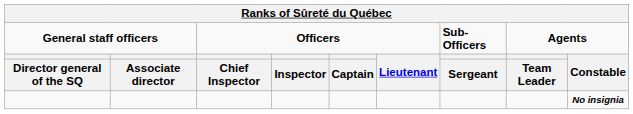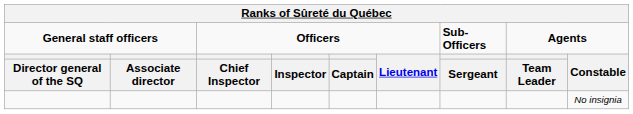 <table class="wikitable">
 <tr>
 <th colspan="9"><u>Ranks of Sûreté du Québec</u></th>
 </tr>
 <tr>
 <td colspan=2 style="text-align:center;"><strong>General staff officers</strong></td>
 <td colspan=4 style="text-align:center;"><strong>Officers</strong></td>
 <td><strong>Sub-Officers</strong></td>
 <td colspan=2 style="text-align:center;"><strong>Agents</strong></td>
 </tr>
 <tr>
 <th><em></em></th>
 <th><em></em></th>
 <th><em></em></th>
 <th><em></em></th>
 <th><em></em></th>
 <th rowspan="2"><a href='#'>Lieutenant</a></th>
 <th><em></em></th>
 <th><em></em></th>
 <th rowspan="2">Constable</th>
 </tr>
 <tr>
 <th>Director general of the SQ</th>
 <th>Associate director</th>
 <th>Chief Inspector</th>
 <th>Inspector</th>
 <th>Captain</th>
 <th>Sergeant</th>
 <th>Team Leader</th>
 </tr>
 <tr style="text-align:center;">
 <td></td>
 <td></td>
 <td></td>
 <td></td>
 <td></td>
 <td></td>
 <td></td>
 <td></td>
-<td><strong><small><em>No insignia</em></small></strong></td>
+<td><small><em>No insignia</em></small></td>
 </tr>
 </table>
